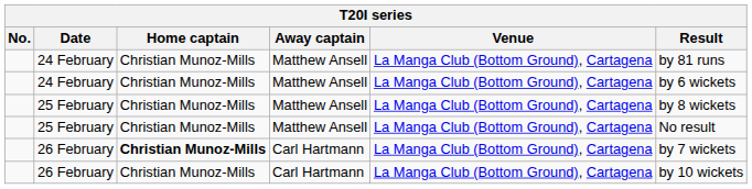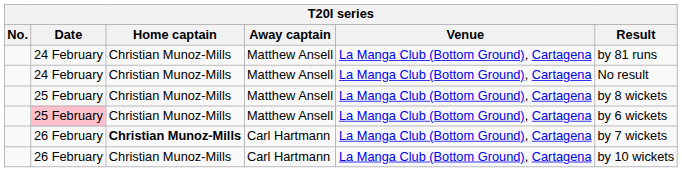 <table class="wikitable">
 <tr>
 <th colspan="6">T20I series</th>
 </tr>
 <tr>
 <th>No.</th>
 <th>Date</th>
 <th>Home captain</th>
 <th>Away captain</th>
 <th>Venue</th>
 <th>Result</th>
 </tr>
 <tr>
 <td></td>
 <td>24 February</td>
 <td>Christian Munoz-Mills</td>
 <td>Matthew Ansell</td>
 <td><a href='#'>La Manga Club (Bottom Ground)</a>, <a href='#'>Cartagena</a></td>
 <td> by 81 runs</td>
 </tr>
 <tr>
 <td></td>
 <td>24 February</td>
 <td>Christian Munoz-Mills</td>
 <td>Matthew Ansell</td>
 <td><a href='#'>La Manga Club (Bottom Ground)</a>, <a href='#'>Cartagena</a></td>
-<td> by 6 wickets</td>
+<td>No result</td>
 </tr>
 <tr>
 <td></td>
 <td>25 February</td>
 <td>Christian Munoz-Mills</td>
 <td>Matthew Ansell</td>
 <td><a href='#'>La Manga Club (Bottom Ground)</a>, <a href='#'>Cartagena</a></td>
 <td> by 8 wickets</td>
 </tr>
 <tr>
 <td></td>
-<td>25 February</td>
+<td style="background: pink;">25 February</td>
 <td>Christian Munoz-Mills</td>
 <td>Matthew Ansell</td>
 <td><a href='#'>La Manga Club (Bottom Ground)</a>, <a href='#'>Cartagena</a></td>
-<td>No result</td>
+<td> by 6 wickets</td>
 </tr>
 <tr>
 <td></td>
 <td>26 February</td>
 <td><strong>Christian Munoz-Mills</strong></td>
 <td>Carl Hartmann</td>
 <td><a href='#'>La Manga Club (Bottom Ground)</a>, <a href='#'>Cartagena</a></td>
 <td> by 7 wickets</td>
 </tr>
 <tr>
 <td></td>
 <td>26 February</td>
 <td>Christian Munoz-Mills</td>
 <td>Carl Hartmann</td>
 <td><a href='#'>La Manga Club (Bottom Ground)</a>, <a href='#'>Cartagena</a></td>
 <td> by 10 wickets</td>
 </tr>
 </table>
